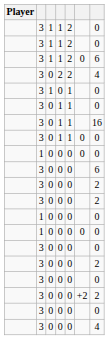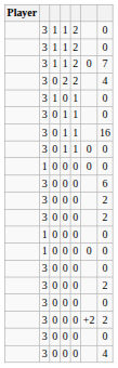 <table class="wikitable sortable" style="text-align:center;">
 <tr>
 <th>Player</th>
 <th></th>
 <th></th>
 <th></th>
 <th></th>
 <th data-sort-type="number"></th>
 <th></th>
 </tr>
 <tr>
 <td style="text-align:left;"></td>
 <td>3</td>
 <td>1</td>
 <td>1</td>
 <td>2</td>
 <td></td>
 <td>0</td>
 </tr>
 <tr>
 <td style="text-align:left;"></td>
 <td>3</td>
 <td>1</td>
 <td>1</td>
 <td>2</td>
 <td></td>
 <td>0</td>
 </tr>
 <tr>
 <td style="text-align:left;"></td>
 <td>3</td>
 <td>1</td>
 <td>1</td>
 <td>2</td>
 <td>0</td>
-<td>6</td>
+<td>7</td>
 </tr>
 <tr>
 <td style="text-align:left;"></td>
 <td>3</td>
 <td>0</td>
 <td>2</td>
 <td>2</td>
 <td></td>
 <td>4</td>
 </tr>
 <tr>
 <td style="text-align:left;"></td>
 <td>3</td>
 <td>1</td>
 <td>0</td>
 <td>1</td>
 <td></td>
 <td>0</td>
 </tr>
 <tr>
 <td style="text-align:left;"></td>
 <td>3</td>
 <td>0</td>
 <td>1</td>
 <td>1</td>
 <td></td>
 <td>0</td>
 </tr>
 <tr>
 <td style="text-align:left;"></td>
 <td>3</td>
 <td>0</td>
 <td>1</td>
 <td>1</td>
 <td></td>
 <td>16</td>
 </tr>
 <tr>
 <td style="text-align:left;"></td>
 <td>3</td>
 <td>0</td>
 <td>1</td>
 <td>1</td>
 <td>0</td>
 <td>0</td>
 </tr>
 <tr>
 <td style="text-align:left;"></td>
 <td>1</td>
 <td>0</td>
 <td>0</td>
 <td>0</td>
 <td>0</td>
 <td>0</td>
 </tr>
 <tr>
 <td style="text-align:left;"></td>
 <td>3</td>
 <td>0</td>
 <td>0</td>
 <td>0</td>
 <td></td>
 <td>6</td>
 </tr>
 <tr>
 <td style="text-align:left;"></td>
 <td>3</td>
 <td>0</td>
 <td>0</td>
 <td>0</td>
 <td></td>
 <td>2</td>
 </tr>
 <tr>
 <td style="text-align:left;"></td>
 <td>3</td>
 <td>0</td>
 <td>0</td>
 <td>0</td>
 <td></td>
 <td>2</td>
 </tr>
 <tr>
 <td style="text-align:left;"></td>
 <td>1</td>
 <td>0</td>
 <td>0</td>
 <td>0</td>
 <td></td>
 <td>0</td>
 </tr>
 <tr>
 <td style="text-align:left;"></td>
 <td>1</td>
 <td>0</td>
 <td>0</td>
 <td>0</td>
 <td>0</td>
 <td>0</td>
 </tr>
 <tr>
 <td style="text-align:left;"></td>
 <td>3</td>
 <td>0</td>
 <td>0</td>
 <td>0</td>
 <td></td>
 <td>0</td>
 </tr>
 <tr>
 <td style="text-align:left;"></td>
 <td>3</td>
 <td>0</td>
 <td>0</td>
 <td>0</td>
 <td></td>
 <td>2</td>
 </tr>
 <tr>
 <td style="text-align:left;"></td>
 <td>3</td>
 <td>0</td>
 <td>0</td>
 <td>0</td>
 <td></td>
 <td>0</td>
 </tr>
 <tr>
 <td style="text-align:left;"></td>
 <td>3</td>
 <td>0</td>
 <td>0</td>
 <td>0</td>
 <td>+2</td>
 <td>2</td>
 </tr>
 <tr>
 <td style="text-align:left;"></td>
 <td>3</td>
 <td>0</td>
 <td>0</td>
 <td>0</td>
 <td></td>
 <td>0</td>
 </tr>
 <tr>
 <td style="text-align:left;"></td>
 <td>3</td>
 <td>0</td>
 <td>0</td>
 <td>0</td>
 <td></td>
 <td>4</td>
 </tr>
 </table>
